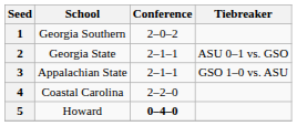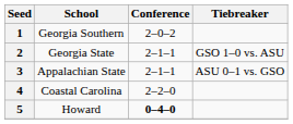 <table class="wikitable" style="text-align:center">
 <tr>
 <th>Seed</th>
 <th>School</th>
 <th>Conference</th>
 <th>Tiebreaker</th>
 </tr>
 <tr>
 <th>1</th>
 <td>Georgia Southern</td>
 <td>2–0–2</td>
 <td></td>
 </tr>
 <tr>
 <th>2</th>
 <td>Georgia State</td>
 <td>2–1–1</td>
-<td>ASU 0–1 vs. GSO</td>
+<td>GSO 1–0 vs. ASU</td>
 </tr>
 <tr>
 <th>3</th>
 <td>Appalachian State</td>
 <td>2–1–1</td>
-<td>GSO 1–0 vs. ASU</td>
+<td>ASU 0–1 vs. GSO</td>
 </tr>
 <tr>
 <th>4</th>
 <td>Coastal Carolina</td>
 <td>2–2–0</td>
 <td></td>
 </tr>
 <tr>
 <th>5</th>
 <td>Howard</td>
 <td><strong>0–4–0</strong></td>
 <td></td>
 </tr>
 <tr>
 </tr>
 </table>
